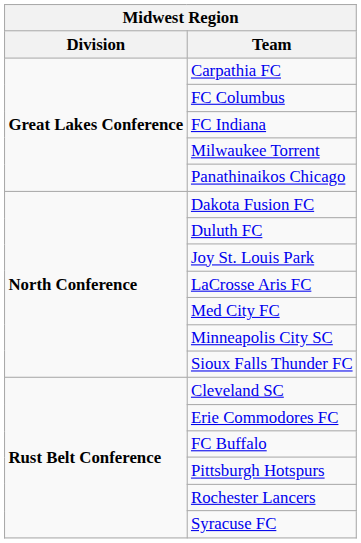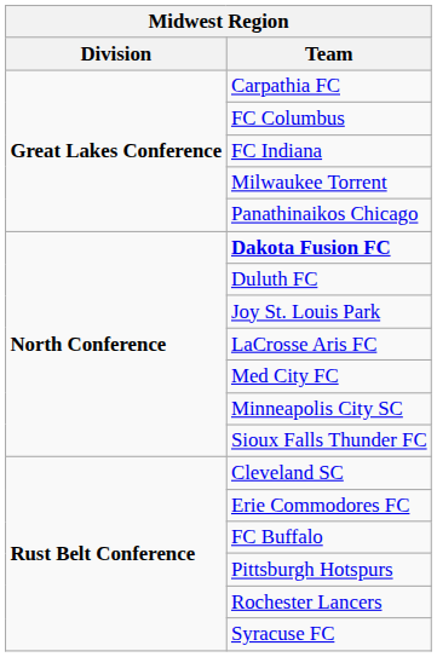 <table class="wikitable" style="text-align:left">
 <tr>
 <th colspan=3>Midwest Region</th>
 </tr>
 <tr>
 <th>Division</th>
 <th>Team</th>
 </tr>
 <tr>
 <td rowspan=5><strong>Great Lakes Conference</strong></td>
 <td><a href='#'>Carpathia FC</a></td>
 </tr>
 <tr>
 <td><a href='#'>FC Columbus</a></td>
 </tr>
 <tr>
 <td><a href='#'>FC Indiana</a></td>
 </tr>
 <tr>
 <td><a href='#'>Milwaukee Torrent</a></td>
 </tr>
 <tr>
 <td><a href='#'>Panathinaikos Chicago</a></td>
 </tr>
 <tr>
 <td rowspan=7><strong>North Conference</strong></td>
-<td><a href='#'>Dakota Fusion FC</a></td>
+<td><strong><a href='#'>Dakota Fusion FC</a></strong></td>
 </tr>
 <tr>
 <td><a href='#'>Duluth FC</a></td>
 </tr>
 <tr>
 <td><a href='#'>Joy St. Louis Park</a></td>
 </tr>
 <tr>
 <td><a href='#'>LaCrosse Aris FC</a></td>
 </tr>
 <tr>
 <td><a href='#'>Med City FC</a></td>
 </tr>
 <tr>
 <td><a href='#'>Minneapolis City SC</a></td>
 </tr>
 <tr>
 <td><a href='#'>Sioux Falls Thunder FC</a></td>
 </tr>
 <tr>
 <td rowspan=6><strong>Rust Belt Conference</strong></td>
 <td><a href='#'>Cleveland SC</a></td>
 </tr>
 <tr>
 <td><a href='#'>Erie Commodores FC</a></td>
 </tr>
 <tr>
 <td><a href='#'>FC Buffalo</a></td>
 </tr>
 <tr>
 <td><a href='#'>Pittsburgh Hotspurs</a></td>
 </tr>
 <tr>
 <td><a href='#'>Rochester Lancers</a></td>
 </tr>
 <tr>
 <td><a href='#'>Syracuse FC</a></td>
 </tr>
 </table>
